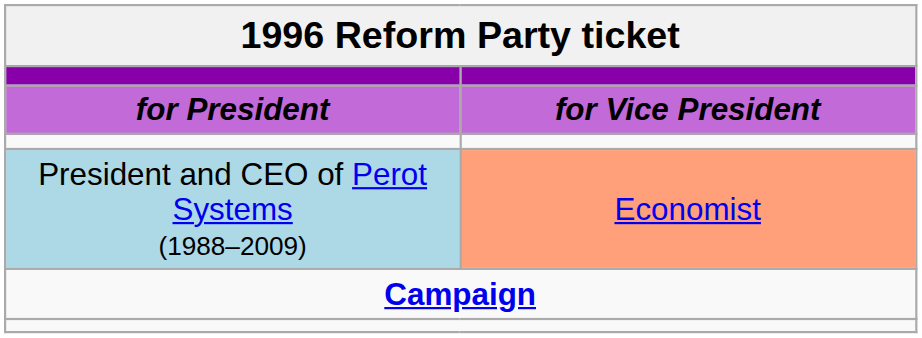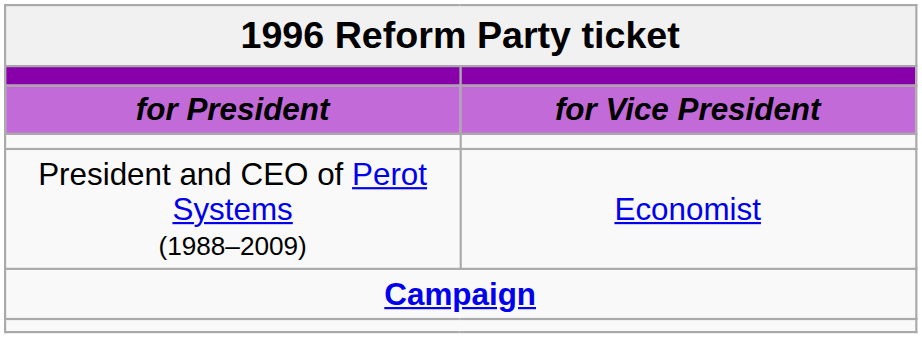 <table class="wikitable" style="font-size:90%; text-align:center;">
 <tr>
 <td style="background:#f1f1f1;" colspan="30"><big><strong>1996 Reform Party ticket</strong></big></td>
 </tr>
 <tr>
 <th style="width:3em; font-size:135%; background:#8800AA; width:200px;"><a href='#'></a></th>
 <th style="width:3em; font-size:135%; background:#8800AA; width:200px;"><a href='#'></a></th>
 </tr>
 <tr style="color:#000; font-size:100%; background:#C26AD8;">
 <td style="width:3em; width:200px;"><strong><em>for President</em></strong></td>
 <td style="width:3em; width:200px;"><strong><em>for Vice President</em></strong></td>
 </tr>
 <tr>
 <td></td>
 <td></td>
 </tr>
 <tr>
-<td style="background: lightblue;">President and CEO of <a href='#'>Perot Systems</a> <br><small>(1988–2009)</small></td>
-<td style="background: lightsalmon;"><a href='#'>Economist</a></td>
+<td>President and CEO of <a href='#'>Perot Systems</a> <br><small>(1988–2009)</small></td>
+<td><a href='#'>Economist</a></td>
 </tr>
 <tr>
 <td colspan=2><a href='#'><strong>Campaign</strong></a></td>
 </tr>
 <tr>
 <td colspan=2></td>
 </tr>
 </table>
